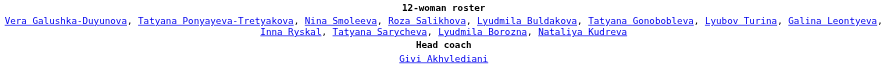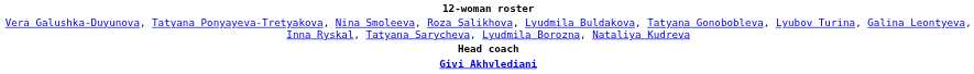 <table style="text-align:center; margin-top:2em; margin-left:auto; margin-right:auto">
 <tr>
 <td><strong>12-woman roster</strong></td>
 </tr>
 <tr>
 <td><a href='#'>Vera Galushka-Duyunova</a>, <a href='#'>Tatyana Ponyayeva-Tretyakova</a>, <a href='#'>Nina Smoleeva</a>, <a href='#'>Roza Salikhova</a>, <a href='#'>Lyudmila Buldakova</a>, <a href='#'>Tatyana Gonobobleva</a>, <a href='#'>Lyubov Turina</a>, <a href='#'>Galina Leontyeva</a>, <a href='#'>Inna Ryskal</a>, <a href='#'>Tatyana Sarycheva</a>, <a href='#'>Lyudmila Borozna</a>, <a href='#'>Nataliya Kudreva</a></td>
 </tr>
 <tr>
 <td><strong>Head coach</strong></td>
 </tr>
 <tr>
-<td><a href='#'>Givi Akhvlediani</a></td>
+<td><strong><a href='#'>Givi Akhvlediani</a></strong></td>
 </tr>
 </table>
